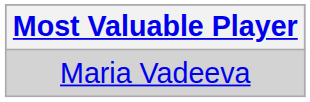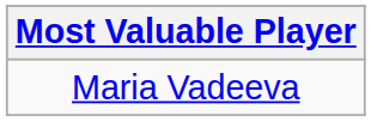 <table class=wikitable style="text-align:center; margin:auto">
 <tr>
 <th><a href='#'>Most Valuable Player</a></th>
 </tr>
 <tr>
-<td style="background: lightgrey;"> <a href='#'>Maria Vadeeva</a></td>
+<td> <a href='#'>Maria Vadeeva</a></td>
 </tr>
 </table>
